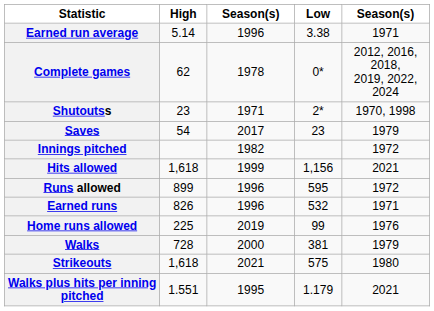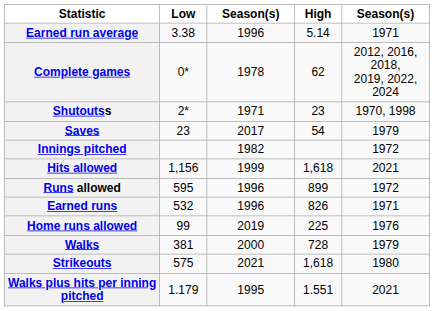 <table class="wikitable sortable plainrowheaders" style="text-align:center">
 <tr>
 <th width="200px" scope="col" style="background-color:#ffffff; border-top:#">Statistic</th>
+<th width="55px" class="unsortable" scope="col" style="background-color:#ffffff; border-top:#">Low</th>
+<th width="110px" scope="col" style="background-color:#ffffff; border-top:#">Season(s)</th>
 <th width="55px" class="unsortable" scope="col" style="background-color:#ffffff; border-top:#">High</th>
-<th width="110px" scope="col" style="background-color:#ffffff; border-top:#">Season(s)</th>
-<th width="55px" class="unsortable" scope="col" style="background-color:#ffffff; border-top:#">Low</th>
 <th width="110px" scope="col" style="background-color:#ffffff; border-top:#">Season(s)</th>
 </tr>
 <tr>
 <th scope="row" style="text-align:center"><a href='#'>Earned run average</a></th>
+<td>3.38</td>
+<td>1996</td>
 <td>5.14</td>
-<td>1996</td>
-<td>3.38</td>
 <td>1971</td>
 </tr>
 <tr>
 <th scope="row" style="text-align:center"><a href='#'>Complete games</a></th>
+<td>0*</td>
+<td>1978</td>
 <td>62</td>
-<td>1978</td>
-<td>0*</td>
 <td>2012, 2016, 2018,<br>2019, 2022, 2024</td>
 </tr>
 <tr>
 <th scope="row" style="text-align:center"><a href='#'>Shutouts</a>s</th>
+<td>2*</td>
+<td>1971</td>
 <td>23</td>
-<td>1971</td>
-<td>2*</td>
 <td>1970, 1998</td>
 </tr>
 <tr>
 <th scope="row" style="text-align:center"><a href='#'>Saves</a></th>
+<td>23</td>
+<td>2017</td>
 <td>54</td>
-<td>2017</td>
-<td>23</td>
 <td>1979</td>
 </tr>
 <tr>
 <th scope="row" style="text-align:center"><a href='#'>Innings pitched</a></th>
 <td></td>
 <td>1982</td>
 <td></td>
 <td>1972</td>
 </tr>
 <tr>
 <th scope="row" style="text-align:center"><a href='#'>Hits allowed</a></th>
+<td>1,156</td>
+<td>1999</td>
 <td>1,618</td>
-<td>1999</td>
-<td>1,156</td>
 <td>2021</td>
 </tr>
 <tr>
 <th scope="row" style="text-align:center"><a href='#'>Runs</a> allowed</th>
+<td>595</td>
+<td>1996</td>
 <td>899</td>
-<td>1996</td>
-<td>595</td>
 <td>1972</td>
 </tr>
 <tr>
 <th scope="row" style="text-align:center"><a href='#'>Earned runs</a></th>
+<td>532</td>
+<td>1996</td>
 <td>826</td>
-<td>1996</td>
-<td>532</td>
 <td>1971</td>
 </tr>
 <tr>
 <th scope="row" style="text-align:center"><a href='#'>Home runs allowed</a></th>
+<td>99</td>
+<td>2019</td>
 <td>225</td>
-<td>2019</td>
-<td>99</td>
 <td>1976</td>
 </tr>
 <tr>
 <th scope="row" style="text-align:center"><a href='#'>Walks</a></th>
+<td>381</td>
+<td>2000</td>
 <td>728</td>
-<td>2000</td>
-<td>381</td>
 <td>1979</td>
 </tr>
 <tr>
 <th scope="row" style="text-align:center"><a href='#'>Strikeouts</a></th>
+<td>575</td>
+<td>2021</td>
 <td>1,618</td>
-<td>2021</td>
-<td>575</td>
 <td>1980</td>
 </tr>
 <tr>
 <th scope="row" style="text-align:center"><a href='#'>Walks plus hits per inning pitched</a></th>
+<td>1.179</td>
+<td>1995</td>
 <td>1.551</td>
-<td>1995</td>
-<td>1.179</td>
 <td>2021</td>
 </tr>
 </table>
